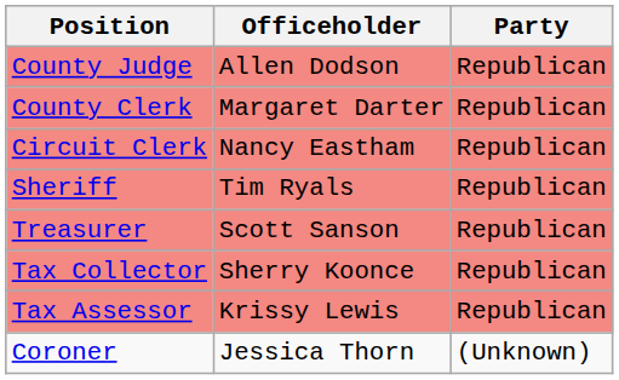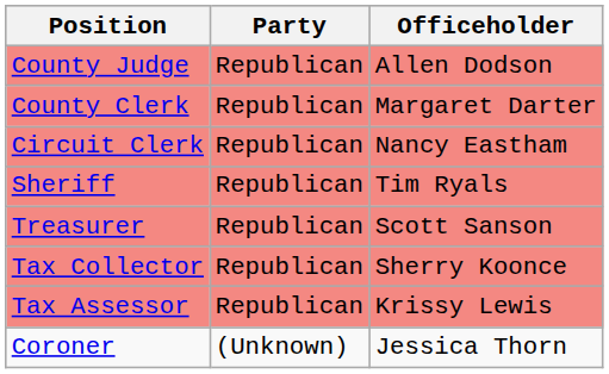 <table class="wikitable mw-collapsible">
 <tr>
 <th>Position</th>
+<th>Party</th>
 <th>Officeholder</th>
-<th>Party</th>
 </tr>
 <tr style="background-color: #F48882;">
 <td><a href='#'>County Judge</a></td>
+<td>Republican</td>
 <td>Allen Dodson</td>
-<td>Republican</td>
 </tr>
 <tr style="background-color: #F48882;">
 <td><a href='#'>County Clerk</a></td>
+<td>Republican</td>
 <td>Margaret Darter</td>
-<td>Republican</td>
 </tr>
 <tr style="background-color: #F48882;">
 <td><a href='#'>Circuit Clerk</a></td>
+<td>Republican</td>
 <td>Nancy Eastham</td>
-<td>Republican</td>
 </tr>
 <tr style="background-color: #F48882;">
 <td><a href='#'>Sheriff</a></td>
+<td>Republican</td>
 <td>Tim Ryals</td>
-<td>Republican</td>
 </tr>
 <tr style="background-color: #F48882;">
 <td><a href='#'>Treasurer</a></td>
+<td>Republican</td>
 <td>Scott Sanson</td>
-<td>Republican</td>
 </tr>
 <tr style="background-color: #F48882;">
 <td><a href='#'>Tax Collector</a></td>
+<td>Republican</td>
 <td>Sherry Koonce</td>
-<td>Republican</td>
 </tr>
 <tr style="background-color: #F48882;">
 <td><a href='#'>Tax Assessor</a></td>
+<td>Republican</td>
 <td>Krissy Lewis</td>
-<td>Republican</td>
 </tr>
 <tr>
 <td><a href='#'>Coroner</a></td>
+<td>(Unknown)</td>
 <td>Jessica Thorn</td>
-<td>(Unknown)</td>
 </tr>
 </table>
